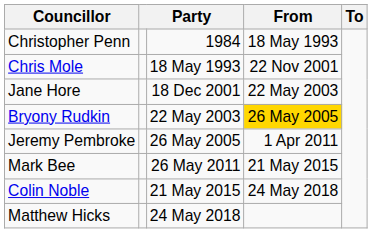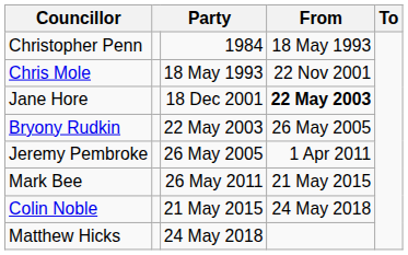 <table class=wikitable>
 <tr>
 <th>Councillor</th>
 <th colspan=2>Party</th>
 <th>From</th>
 <th>To</th>
 </tr>
 <tr>
 <td>Christopher Penn</td>
 <td></td>
 <td align=right>1984</td>
 <td align=right>18 May 1993</td>
 </tr>
 <tr>
 <td><a href='#'>Chris Mole</a></td>
 <td></td>
 <td align=right>18 May 1993</td>
 <td align=right>22 Nov 2001</td>
 </tr>
 <tr>
 <td>Jane Hore</td>
 <td></td>
 <td align=right>18 Dec 2001</td>
-<td align=right>22 May 2003</td>
+<td align=right><strong>22 May 2003</strong></td>
 </tr>
 <tr>
 <td><a href='#'>Bryony Rudkin</a></td>
 <td></td>
 <td align=right>22 May 2003</td>
-<td align=right style="background: gold;">26 May 2005</td>
+<td align=right>26 May 2005</td>
 </tr>
 <tr>
 <td>Jeremy Pembroke</td>
 <td></td>
 <td align=right>26 May 2005</td>
 <td align=right>1 Apr 2011</td>
 </tr>
 <tr>
 <td>Mark Bee</td>
 <td></td>
 <td align=right>26 May 2011</td>
 <td align=right>21 May 2015</td>
 </tr>
 <tr>
 <td><a href='#'>Colin Noble</a></td>
 <td></td>
 <td align=right>21 May 2015</td>
 <td align=right>24 May 2018</td>
 </tr>
 <tr>
 <td>Matthew Hicks</td>
 <td></td>
 <td align=right>24 May 2018</td>
 <td></td>
 </tr>
 </table>
